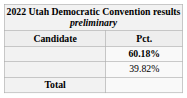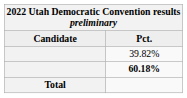 <table class="wikitable plainrowheaders">
 <tr>
 <th colspan="2" >2022 Utah Democratic Convention results<br><em>preliminary</em></th>
 </tr>
 <tr style="background:#eee; text-align:center;">
 <td style="text-align:center;"><strong>Candidate</strong></td>
 <td style="text-align:center;"><strong>Pct.</strong></td>
 </tr>
 <tr>
+<th scope="row"></th>
+<td style="text-align:center;">39.82%</td>
+</tr>
+<tr>
 <th scope="row"><strong></strong></th>
 <td style="text-align:center;"><strong>60.18%</strong></td>
-</tr>
-<tr>
-<th scope="row"></th>
-<td style="text-align:center;">39.82%</td>
 </tr>
 <tr>
 <th scope="row"><strong>Total</strong></th>
 <td style="text-align:center;"><strong></strong></td>
 </tr>
 </table>
